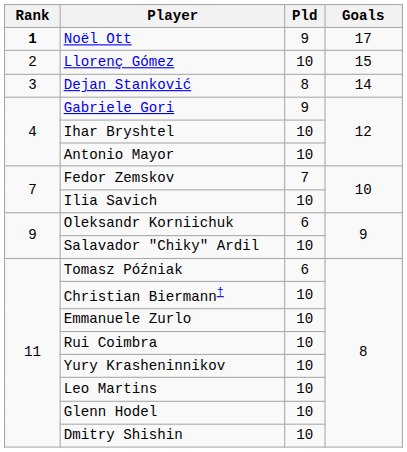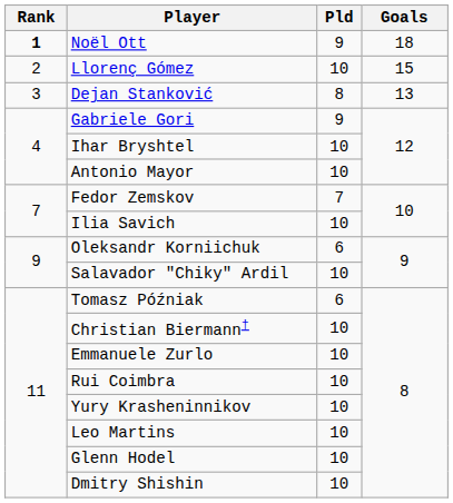 <table class="wikitable" style="text-align:center">
 <tr>
 <th width=45>Rank</th>
 <th width=200>Player</th>
 <th width=30>Pld</th>
 <th width=65>Goals</th>
 </tr>
 <tr>
 <td><strong>1</strong></td>
 <td style="text-align:left"> <a href='#'>Noël Ott</a></td>
 <td>9</td>
-<td>17</td>
+<td>18</td>
 </tr>
 <tr>
 <td>2</td>
 <td style="text-align:left"> <a href='#'>Llorenç Gómez</a></td>
 <td>10</td>
 <td>15</td>
 </tr>
 <tr>
 <td>3</td>
 <td style="text-align:left"> <a href='#'>Dejan Stanković</a></td>
 <td>8</td>
-<td>14</td>
+<td>13</td>
 </tr>
 <tr>
 <td rowspan=3>4</td>
 <td style="text-align:left"> <a href='#'>Gabriele Gori</a></td>
 <td>9</td>
 <td rowspan=3>12</td>
 </tr>
 <tr>
 <td style="text-align:left"> Ihar Bryshtel</td>
 <td>10</td>
 </tr>
 <tr>
 <td style="text-align:left"> Antonio Mayor</td>
 <td>10</td>
 </tr>
 <tr>
 <td rowspan=2>7</td>
 <td style="text-align:left"> Fedor Zemskov</td>
 <td>7</td>
 <td rowspan=2>10</td>
 </tr>
 <tr>
 <td style="text-align:left"> Ilia Savich</td>
 <td>10</td>
 </tr>
 <tr>
 <td rowspan=2>9</td>
 <td style="text-align:left"> Oleksandr Korniichuk</td>
 <td>6</td>
 <td rowspan=2>9</td>
 </tr>
 <tr>
 <td style="text-align:left"> Salavador "Chiky" Ardil</td>
 <td>10</td>
 </tr>
 <tr>
 <td rowspan=8>11</td>
 <td style="text-align:left"> Tomasz Późniak</td>
 <td>6</td>
 <td rowspan=8>8</td>
 </tr>
 <tr>
 <td style="text-align:left"> Christian Biermann<sup><a href='#'>†</a></sup></td>
 <td>10</td>
 </tr>
 <tr>
 <td style="text-align:left"> Emmanuele Zurlo</td>
 <td>10</td>
 </tr>
 <tr>
 <td style="text-align:left"> Rui Coimbra</td>
 <td>10</td>
 </tr>
 <tr>
 <td style="text-align:left"> Yury Krasheninnikov</td>
 <td>10</td>
 </tr>
 <tr>
 <td style="text-align:left"> Leo Martins</td>
 <td>10</td>
 </tr>
 <tr>
 <td style="text-align:left"> Glenn Hodel</td>
 <td>10</td>
 </tr>
 <tr>
 <td style="text-align:left"> Dmitry Shishin</td>
 <td>10</td>
 </tr>
 </table>
